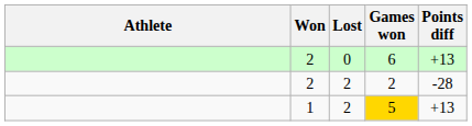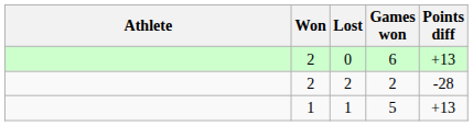 <table class="wikitable">
 <tr>
 <th style="width:18em">Athlete</th>
 <th>Won</th>
 <th>Lost</th>
 <th>Games<br>won</th>
 <th>Points<br>diff</th>
 </tr>
 <tr bgcolor="#ccffcc">
 <td></td>
 <td align="center">2</td>
 <td align="center">0</td>
 <td align="center">6</td>
 <td align="center">+13</td>
 </tr>
 <tr>
 <td></td>
 <td align="center">2</td>
 <td align="center">2</td>
 <td align="center">2</td>
 <td align="center">-28</td>
 </tr>
 <tr>
 <td></td>
 <td align="center">1</td>
-<td align="center">2</td>
-<td align="center" style="background: gold;">5</td>
+<td align="center">1</td>
+<td align="center">5</td>
 <td align="center">+13</td>
 </tr>
 </table>
